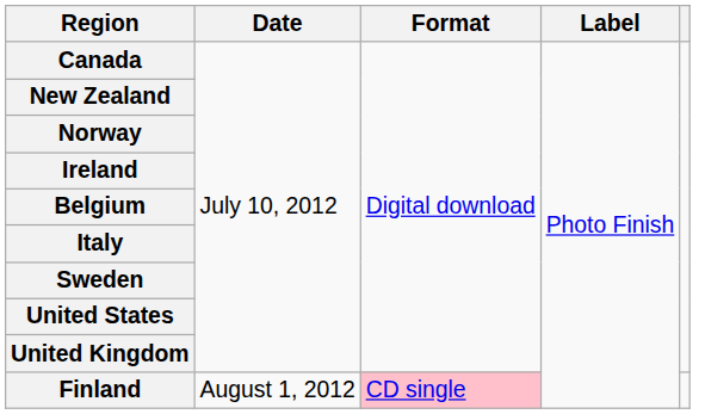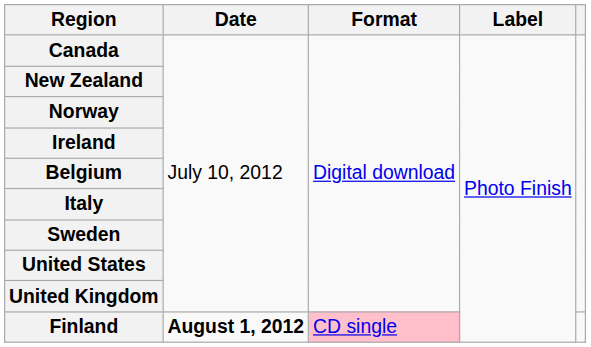 <table class="wikitable plainrowheaders">
 <tr>
 <th scope="col">Region</th>
 <th scope="col">Date</th>
 <th scope="col">Format</th>
 <th scope="col">Label</th>
 <th scope="col"></th>
 </tr>
 <tr>
 <th scope="row">Canada</th>
 <td rowspan="9">July 10, 2012</td>
 <td rowspan="9"><a href='#'>Digital download</a></td>
 <td rowspan="10"><a href='#'>Photo Finish</a></td>
 <td align="center" rowspan="9"></td>
 </tr>
 <tr>
 <th scope="row">New Zealand</th>
 </tr>
 <tr>
 <th scope="row">Norway</th>
 </tr>
 <tr>
 <th scope="row">Ireland</th>
 </tr>
 <tr>
 <th scope="row">Belgium</th>
 </tr>
 <tr>
 <th scope="row">Italy</th>
 </tr>
 <tr>
 <th scope="row">Sweden</th>
 </tr>
 <tr>
 <th scope="row">United States</th>
 </tr>
 <tr>
 <th scope="row">United Kingdom</th>
 </tr>
 <tr>
 <th scope="row">Finland</th>
-<td>August 1, 2012</td>
+<td><strong>August 1, 2012</strong></td>
 <td style="background: pink;"><a href='#'>CD single</a></td>
 <td align="center"></td>
 </tr>
 </table>
